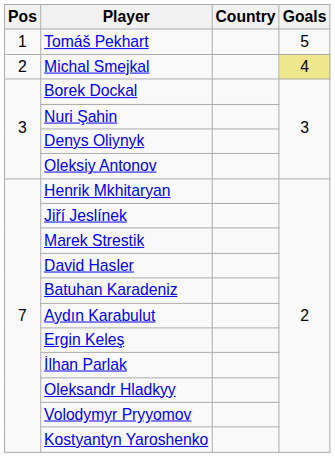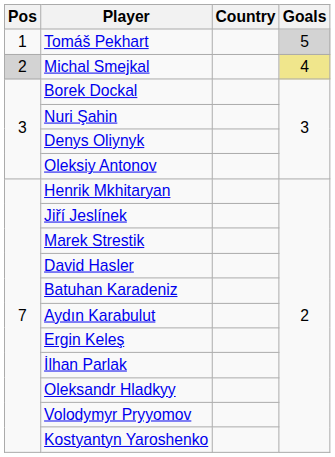 <table class="wikitable">
 <tr>
 <th>Pos</th>
 <th>Player</th>
 <th>Country</th>
 <th>Goals</th>
 </tr>
 <tr>
 <td align=center>1</td>
 <td><a href='#'>Tomáš Pekhart</a></td>
 <td></td>
-<td align=center>5</td>
+<td align=center style="background: lightgrey;">5</td>
 </tr>
 <tr>
-<td align=center>2</td>
+<td align=center style="background: lightgrey;">2</td>
 <td><a href='#'>Michal Smejkal</a></td>
 <td></td>
 <td align=center style="background: khaki;">4</td>
 </tr>
 <tr>
 <td rowspan="4" align=center>3</td>
 <td><a href='#'>Borek Dockal</a></td>
 <td></td>
 <td rowspan="4" align=center>3</td>
 </tr>
 <tr>
 <td><a href='#'>Nuri Şahin</a></td>
 <td></td>
 </tr>
 <tr>
 <td><a href='#'>Denys Oliynyk</a></td>
 <td></td>
 </tr>
 <tr>
 <td><a href='#'>Oleksiy Antonov</a></td>
 <td></td>
 </tr>
 <tr>
 <td rowspan="11" align=center>7</td>
 <td><a href='#'>Henrik Mkhitaryan</a></td>
 <td></td>
 <td rowspan="11" align=center>2</td>
 </tr>
 <tr>
 <td><a href='#'>Jiří Jeslínek</a></td>
 <td></td>
 </tr>
 <tr>
 <td><a href='#'>Marek Strestik</a></td>
 <td></td>
 </tr>
 <tr>
 <td><a href='#'>David Hasler</a></td>
 <td></td>
 </tr>
 <tr>
 <td><a href='#'>Batuhan Karadeniz</a></td>
 <td></td>
 </tr>
 <tr>
 <td><a href='#'>Aydın Karabulut</a></td>
 <td></td>
 </tr>
 <tr>
 <td><a href='#'>Ergin Keleş</a></td>
 <td></td>
 </tr>
 <tr>
 <td><a href='#'>İlhan Parlak</a></td>
 <td></td>
 </tr>
 <tr>
 <td><a href='#'>Oleksandr Hladkyy</a></td>
 <td></td>
 </tr>
 <tr>
 <td><a href='#'>Volodymyr Pryyomov</a></td>
 <td></td>
 </tr>
 <tr>
 <td><a href='#'>Kostyantyn Yaroshenko</a></td>
 <td></td>
 </tr>
 </table>
